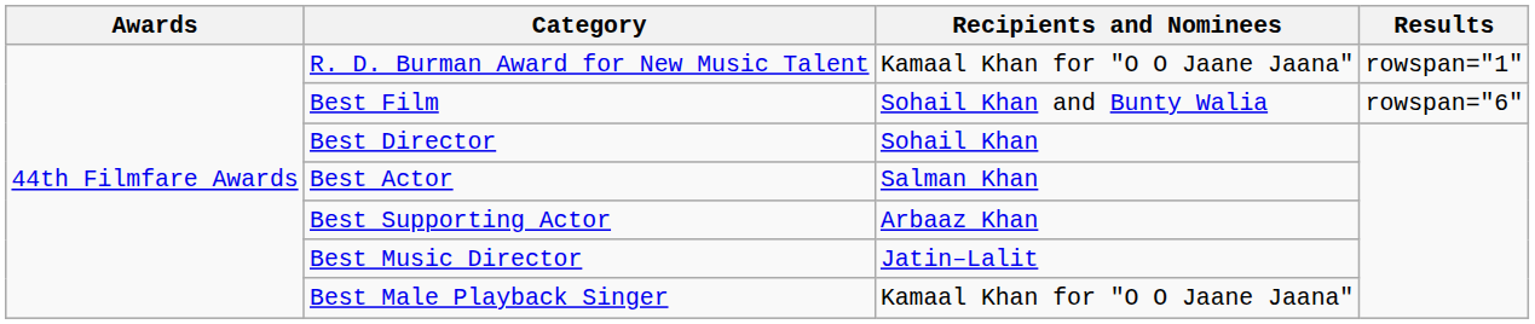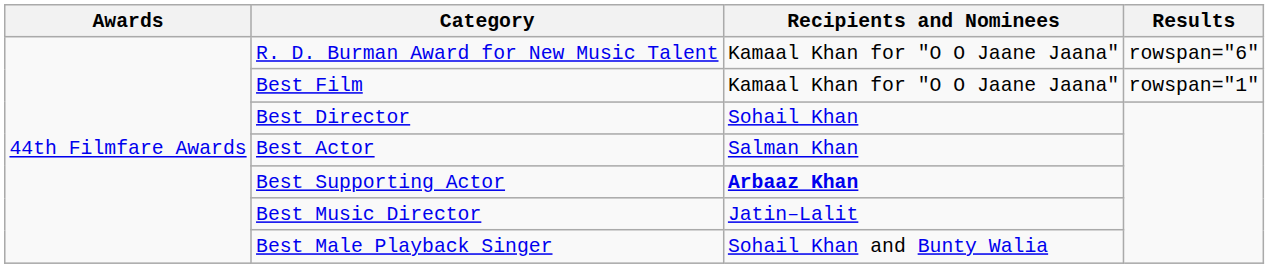 <table class="wikitable plainrowheaders sortable">
 <tr>
 <th>Awards</th>
 <th>Category</th>
 <th>Recipients and Nominees</th>
 <th>Results</th>
 </tr>
 <tr>
 <td rowspan="7"><a href='#'>44th Filmfare Awards</a></td>
 <td><a href='#'>R. D. Burman Award for New Music Talent</a></td>
 <td>Kamaal Khan for "O O Jaane Jaana"</td>
-<td>rowspan="1" </td>
+<td>rowspan="6" </td>
 </tr>
 <tr>
 <td><a href='#'>Best Film</a></td>
-<td><a href='#'>Sohail Khan</a> and <a href='#'>Bunty Walia</a></td>
-<td>rowspan="6" </td>
+<td>Kamaal Khan for "O O Jaane Jaana"</td>
+<td>rowspan="1" </td>
 </tr>
 <tr>
 <td><a href='#'>Best Director</a></td>
 <td><a href='#'>Sohail Khan</a></td>
 </tr>
 <tr>
 <td><a href='#'>Best Actor</a></td>
 <td><a href='#'>Salman Khan</a></td>
 </tr>
 <tr>
 <td><a href='#'>Best Supporting Actor</a></td>
-<td><a href='#'>Arbaaz Khan</a></td>
+<td><strong><a href='#'>Arbaaz Khan</a></strong></td>
 </tr>
 <tr>
 <td><a href='#'>Best Music Director</a></td>
 <td><a href='#'>Jatin–Lalit</a></td>
 </tr>
 <tr>
 <td><a href='#'>Best Male Playback Singer</a></td>
-<td>Kamaal Khan for "O O Jaane Jaana"</td>
+<td><a href='#'>Sohail Khan</a> and <a href='#'>Bunty Walia</a></td>
 </tr>
 </table>
